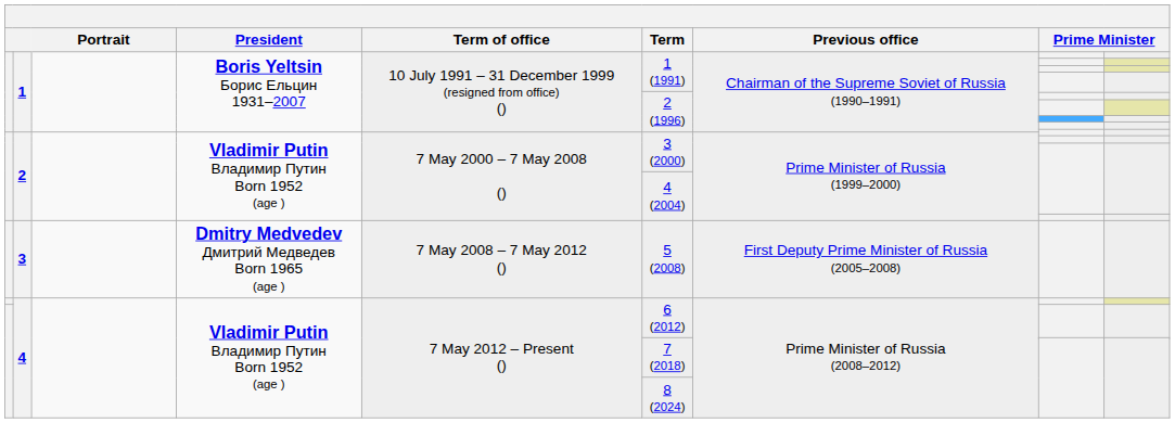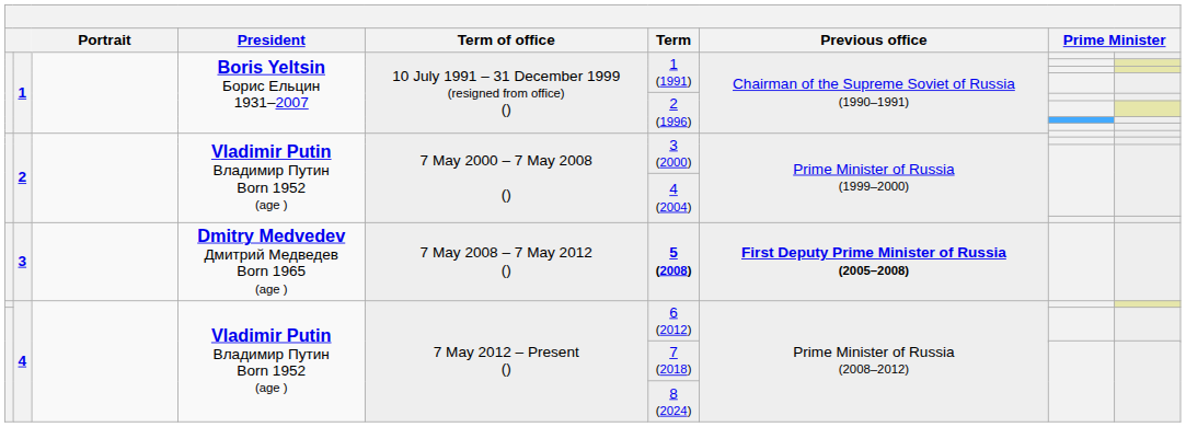 <table class="wikitable" style="margin:1em auto; text-align:center; width:100%; border:1px #AAAAFF solid">
 <tr style="background:#cccccc">
 <th colspan="9">                        </th>
 </tr>
 <tr>
 <th align="center" width="0" colspan=2 style="border-right: none"></th>
 <th align="center" width="0" style="border-left: none">Portrait</th>
 <th align="center" width="0"><a href='#'>President</a></th>
 <th align="center" width="0">Term of office</th>
 <th align="center" width="0">Term</th>
 <th align="center" width="0">Previous office</th>
 <th align="center" width="0" colspan=2><a href='#'>Prime Minister</a></th>
 </tr>
 <tr>
 <th rowspan="10" style="background:"></th>
 <th rowspan="10"><a href='#'>1</a></th>
 <td rowspan="10" style="width:150px"></td>
 <td rowspan="10"><strong><big><a href='#'>Boris Yeltsin</a></big></strong><br><span>Борис Ельцин</span><br>1931–<a href='#'>2007</a><br><br></td>
 <td rowspan="10" style="background:#EEEEEE"><span>10 July 1991</span> – <span>31 December 1999</span><br><small>(resigned from office)</small><br>()</td>
 <td rowspan="4" style="background:#EEEEEE"><a href='#'>1</a><br><small>(<a href='#'>1991</a>)</small><br></td>
 <td rowspan="10" style="background:#EEEEEE"><a href='#'>Chairman of the Supreme Soviet of Russia</a><br><small>(1990–1991)</small></td>
 <th style="background:"></th>
 <td style="background:#EEEEEE"></td>
 </tr>
 <tr>
 <th style="background:"></th>
 <td style="background:#E6E6AA"></td>
 </tr>
 <tr>
 <th style="background:"></th>
 <td style="background:#E6E6AA"></td>
 </tr>
 <tr>
 <th rowspan="2" style="background:"></th>
 <td rowspan="2" height=15px style="background:#EEEEEE"></td>
 </tr>
 <tr>
 <td rowspan="6" style="background:#EEEEEE"><a href='#'>2</a><br><small>(<a href='#'>1996</a>)</small></td>
 </tr>
 <tr>
 <th style="background:"></th>
 <td style="background:#EEEEEE"></td>
 </tr>
 <tr>
 <th style="background:"></th>
 <td height=10px style="background:#E6E6AA"></td>
 </tr>
 <tr>
 <th style="background:#42aaff"></th>
 <td style="background:#EEEEEE"></td>
 </tr>
 <tr>
 <th style="background:"></th>
 <td style="background:#EEEEEE"></td>
 </tr>
 <tr>
 <th rowspan=2 style="background:"></th>
 <td rowspan=2 style="background:#EEEEEE"></td>
 </tr>
 <tr>
 <th rowspan="5" style="background:"></th>
 <th rowspan="5"><a href='#'>2</a></th>
 <td rowspan="5"></td>
 <td rowspan="5"><strong><big><a href='#'>Vladimir Putin</a></big></strong><br><span>Владимир Путин</span><br>Born 1952<br><small>(age )</small><br></td>
 <td rowspan="5" style="background:#EEEEEE"><span>7 May 2000</span> – <span>7 May 2008</span><br><br>()</td>
 <td rowspan="3" style="background:#EEEEEE"><a href='#'>3</a><br><small>(<a href='#'>2000</a>)</small></td>
 <td rowspan="5" style="background:#EEEEEE"><a href='#'>Prime Minister of Russia</a><br><small>(1999–2000)</small></td>
 </tr>
 <tr>
 <th style="background:"></th>
 <td style="background:#EEEEEE"></td>
 </tr>
 <tr>
 <th rowspan="2" style="background:"></th>
 <td rowspan="2"  height=70px  style="background:#EEEEEE"></td>
 </tr>
 <tr>
 <td rowspan="2" style="background:#EEEEEE"><a href='#'>4</a><br><small>(<a href='#'>2004</a>)</small></td>
 </tr>
 <tr>
 <th style="background:"></th>
 <td style="background:#EEEEEE"></td>
 </tr>
 <tr>
 <th style="background:"></th>
 <th><a href='#'>3</a></th>
 <td></td>
 <td><strong><big><a href='#'>Dmitry Medvedev</a></big></strong><br><span>Дмитрий Медведев</span><br>Born 1965<br><small>(age )</small><br></td>
 <td style="background:#EEEEEE"><span>7 May 2008</span> – <span>7 May 2012</span><br>()</td>
-<td style="background:#EEEEEE"><a href='#'>5</a><br><small>(<a href='#'>2008</a>)</small></td>
-<td style="background:#EEEEEE"><a href='#'>First Deputy Prime Minister of Russia</a><br><small>(2005–2008)</small></td>
+<td style="background:#EEEEEE"><strong><a href='#'>5</a><br><small>(<a href='#'>2008</a>)</small></strong></td>
+<td style="background:#EEEEEE"><strong><a href='#'>First Deputy Prime Minister of Russia</a><br><small>(2005–2008)</small></strong></td>
 <th style="background:"></th>
 <td style="background:#EEEEEE"></td>
 </tr>
 <tr>
 <th style="background:"></th>
 <th rowspan="5"><a href='#'>4</a></th>
 <td rowspan="5"></td>
 <td rowspan="5"><strong><big><a href='#'>Vladimir Putin</a></big></strong><br><span>Владимир Путин</span><br>Born 1952<br><small>(age )</small><br></td>
 <td style="background:#EEEEEE" rowspan="5"><span>7 May 2012</span> – Present<br>()</td>
 <td style="background:#EEEEEE" rowspan="2"><a href='#'>6</a><br><small>(<a href='#'>2012</a>)</small></td>
 <td style="background:#EEEEEE" rowspan="5">Prime Minister of Russia<br><small>(2008–2012)</small></td>
 <th style="background:"></th>
 <td style="background:#E6E6AA"></td>
 </tr>
 <tr>
 <th rowspan=4 style="background: "></th>
 <th rowspan=2 style="background:"></th>
 <td rowspan=2 style="background:#EEEEEE"></td>
 </tr>
 <tr>
 <td rowspan=2 style="background:#EEEEEE"><a href='#'>7</a><br><small>(<a href='#'>2018</a>)</small></td>
 </tr>
 <tr>
 <th rowspan="2" style="background:"></th>
 <td rowspan="2" style="background:#EEEEEE"></td>
 </tr>
 <tr>
 <td style="background:#EEEEEE"><a href='#'>8</a><br><small>(<a href='#'>2024</a>)</small></td>
 </tr>
 </table>
